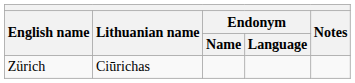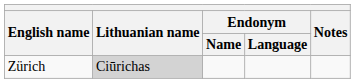 <table class="wikitable sortable">
 <tr>
 <th colspan="5"></th>
 </tr>
 <tr>
 <th rowspan="2">English name</th>
 <th rowspan="2">Lithuanian name</th>
 <th colspan="2">Endonym</th>
 <th rowspan="2">Notes</th>
 </tr>
 <tr>
 <th>Name</th>
 <th>Language</th>
 </tr>
 <tr>
 <td>Zürich</td>
-<td>Ciūrichas</td>
+<td style="background: lightgrey;">Ciūrichas</td>
 <td></td>
 <td></td>
 <td></td>
 </tr>
 </table>
